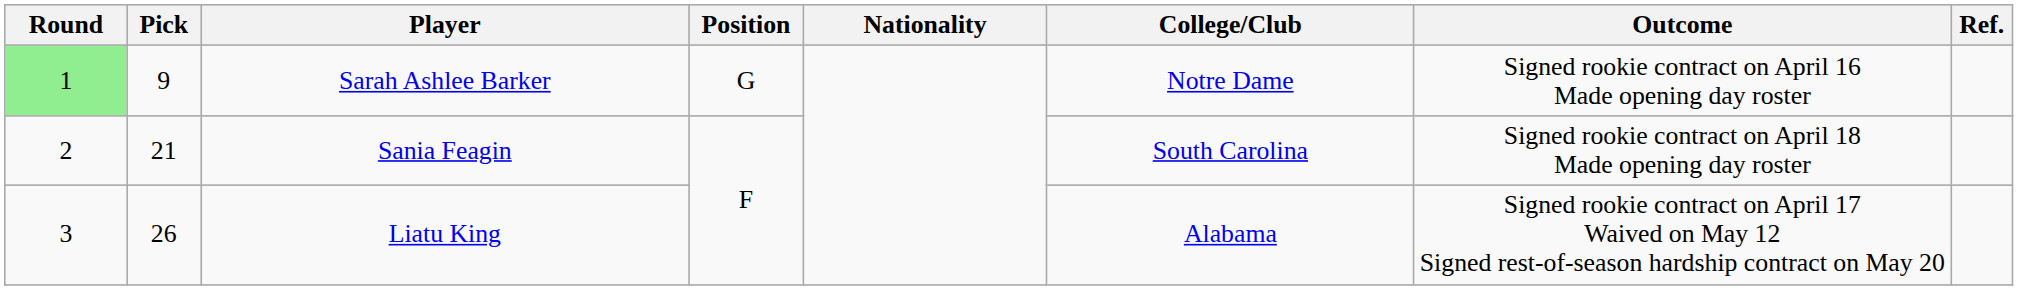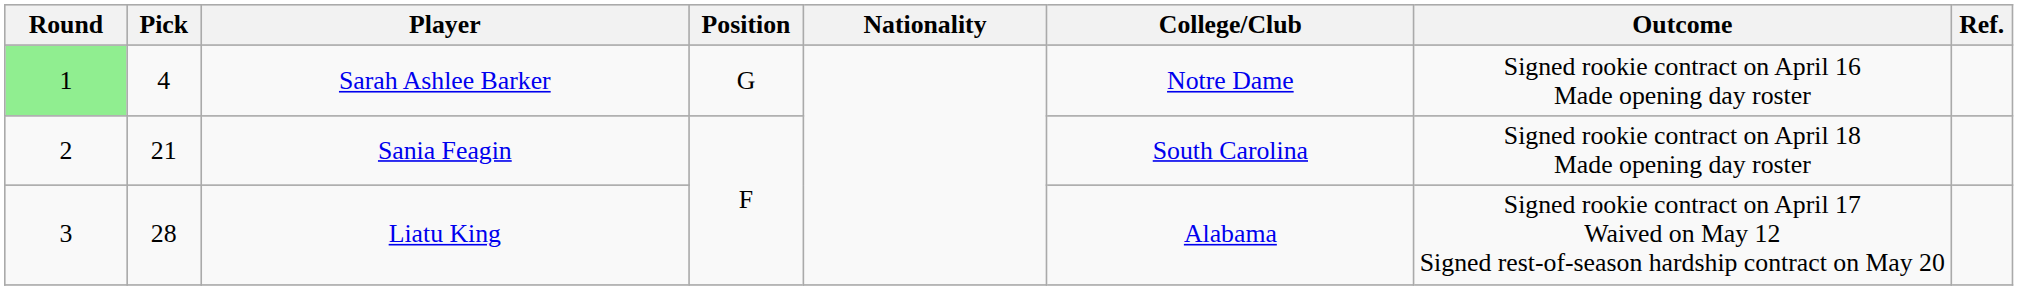 <table class="wikitable sortable sortable" style="text-align: center">
 <tr>
 <th width="5%">Round</th>
 <th width="3%">Pick</th>
 <th width="20%">Player</th>
 <th width="3%">Position</th>
 <th width="10%">Nationality</th>
 <th width="15%">College/Club</th>
 <th width="22%">Outcome</th>
 <th width="1%">Ref.</th>
 </tr>
 <tr>
 <td style="background: lightgreen;">1</td>
-<td>9</td>
+<td>4</td>
 <td><a href='#'>Sarah Ashlee Barker</a></td>
 <td>G</td>
 <td rowspan=3></td>
 <td><a href='#'>Notre Dame</a></td>
 <td>Signed rookie contract on April 16<br>Made opening day roster</td>
 <td></td>
 </tr>
 <tr>
 <td>2</td>
 <td>21</td>
 <td><a href='#'>Sania Feagin</a></td>
 <td rowspan=2>F</td>
 <td><a href='#'>South Carolina</a></td>
 <td>Signed rookie contract on April 18<br>Made opening day roster</td>
 <td></td>
 </tr>
 <tr>
 <td>3</td>
-<td>26</td>
+<td>28</td>
 <td><a href='#'>Liatu King</a></td>
 <td><a href='#'>Alabama</a></td>
 <td>Signed rookie contract on April 17<br>Waived on May 12<br>Signed rest-of-season hardship contract on May 20</td>
 <td></td>
 </tr>
 </table>
